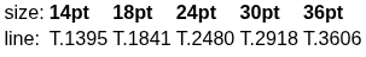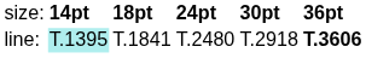 <table style="margin-left:40px;">
 <tr>
 <td>size:</td>
 <td><strong>14pt</strong></td>
 <td><strong>18pt</strong></td>
 <td><strong>24pt</strong></td>
 <td><strong>30pt</strong></td>
 <td><strong>36pt</strong></td>
 </tr>
 <tr>
 <td>line:</td>
-<td>T.1395</td>
+<td style="background: paleturquoise;">T.1395</td>
 <td>T.1841</td>
 <td>T.2480</td>
 <td>T.2918</td>
-<td>T.3606</td>
+<td><strong>T.3606</strong></td>
 </tr>
 </table>
